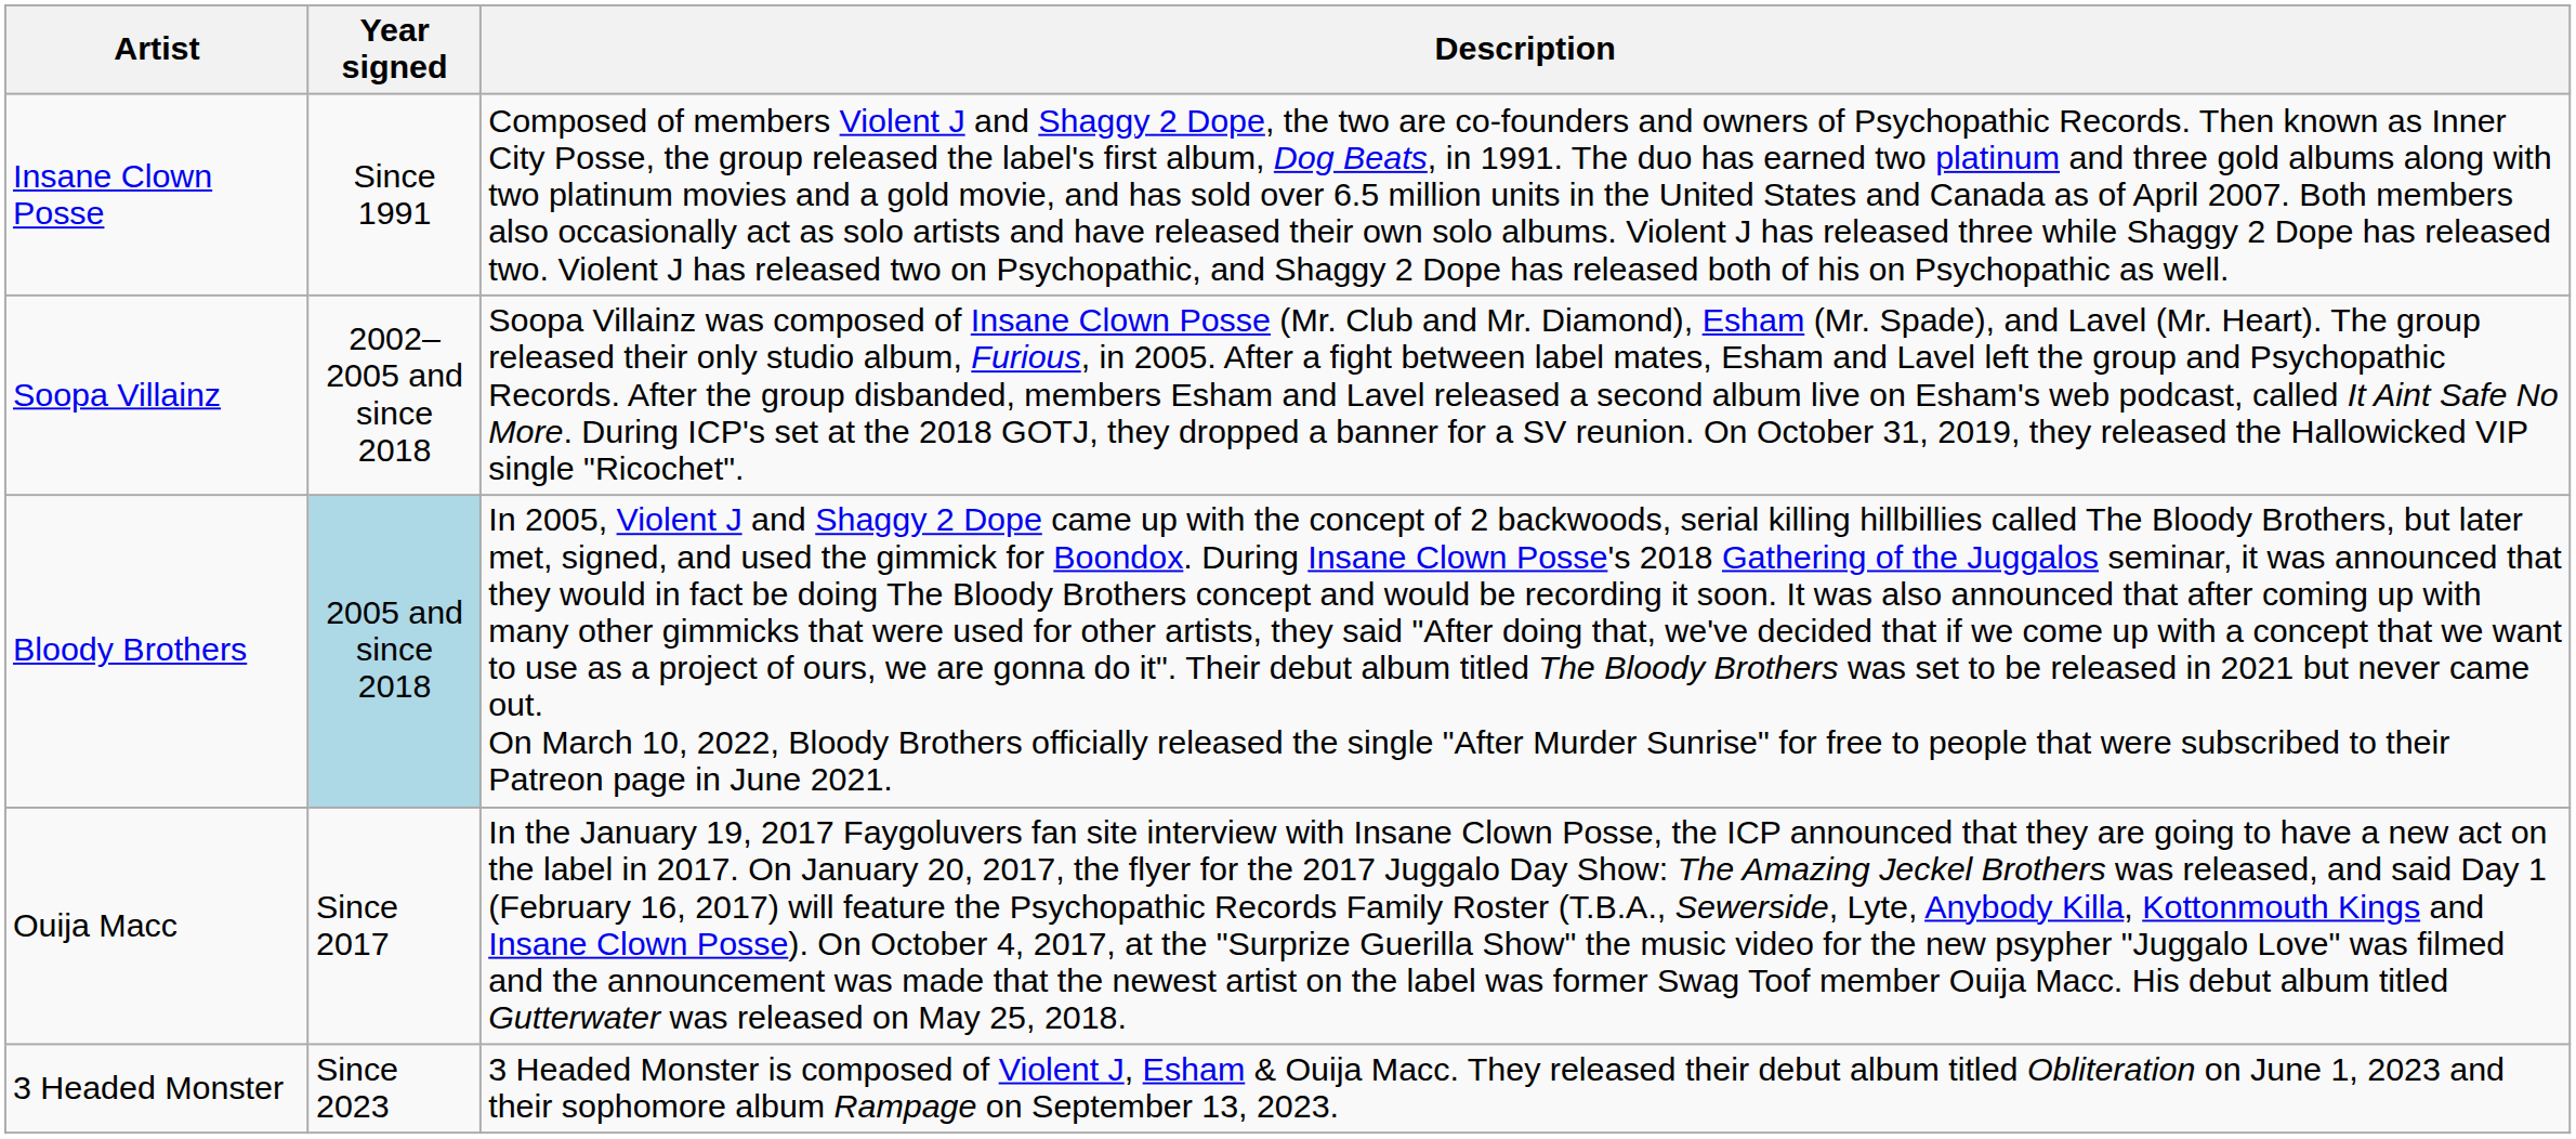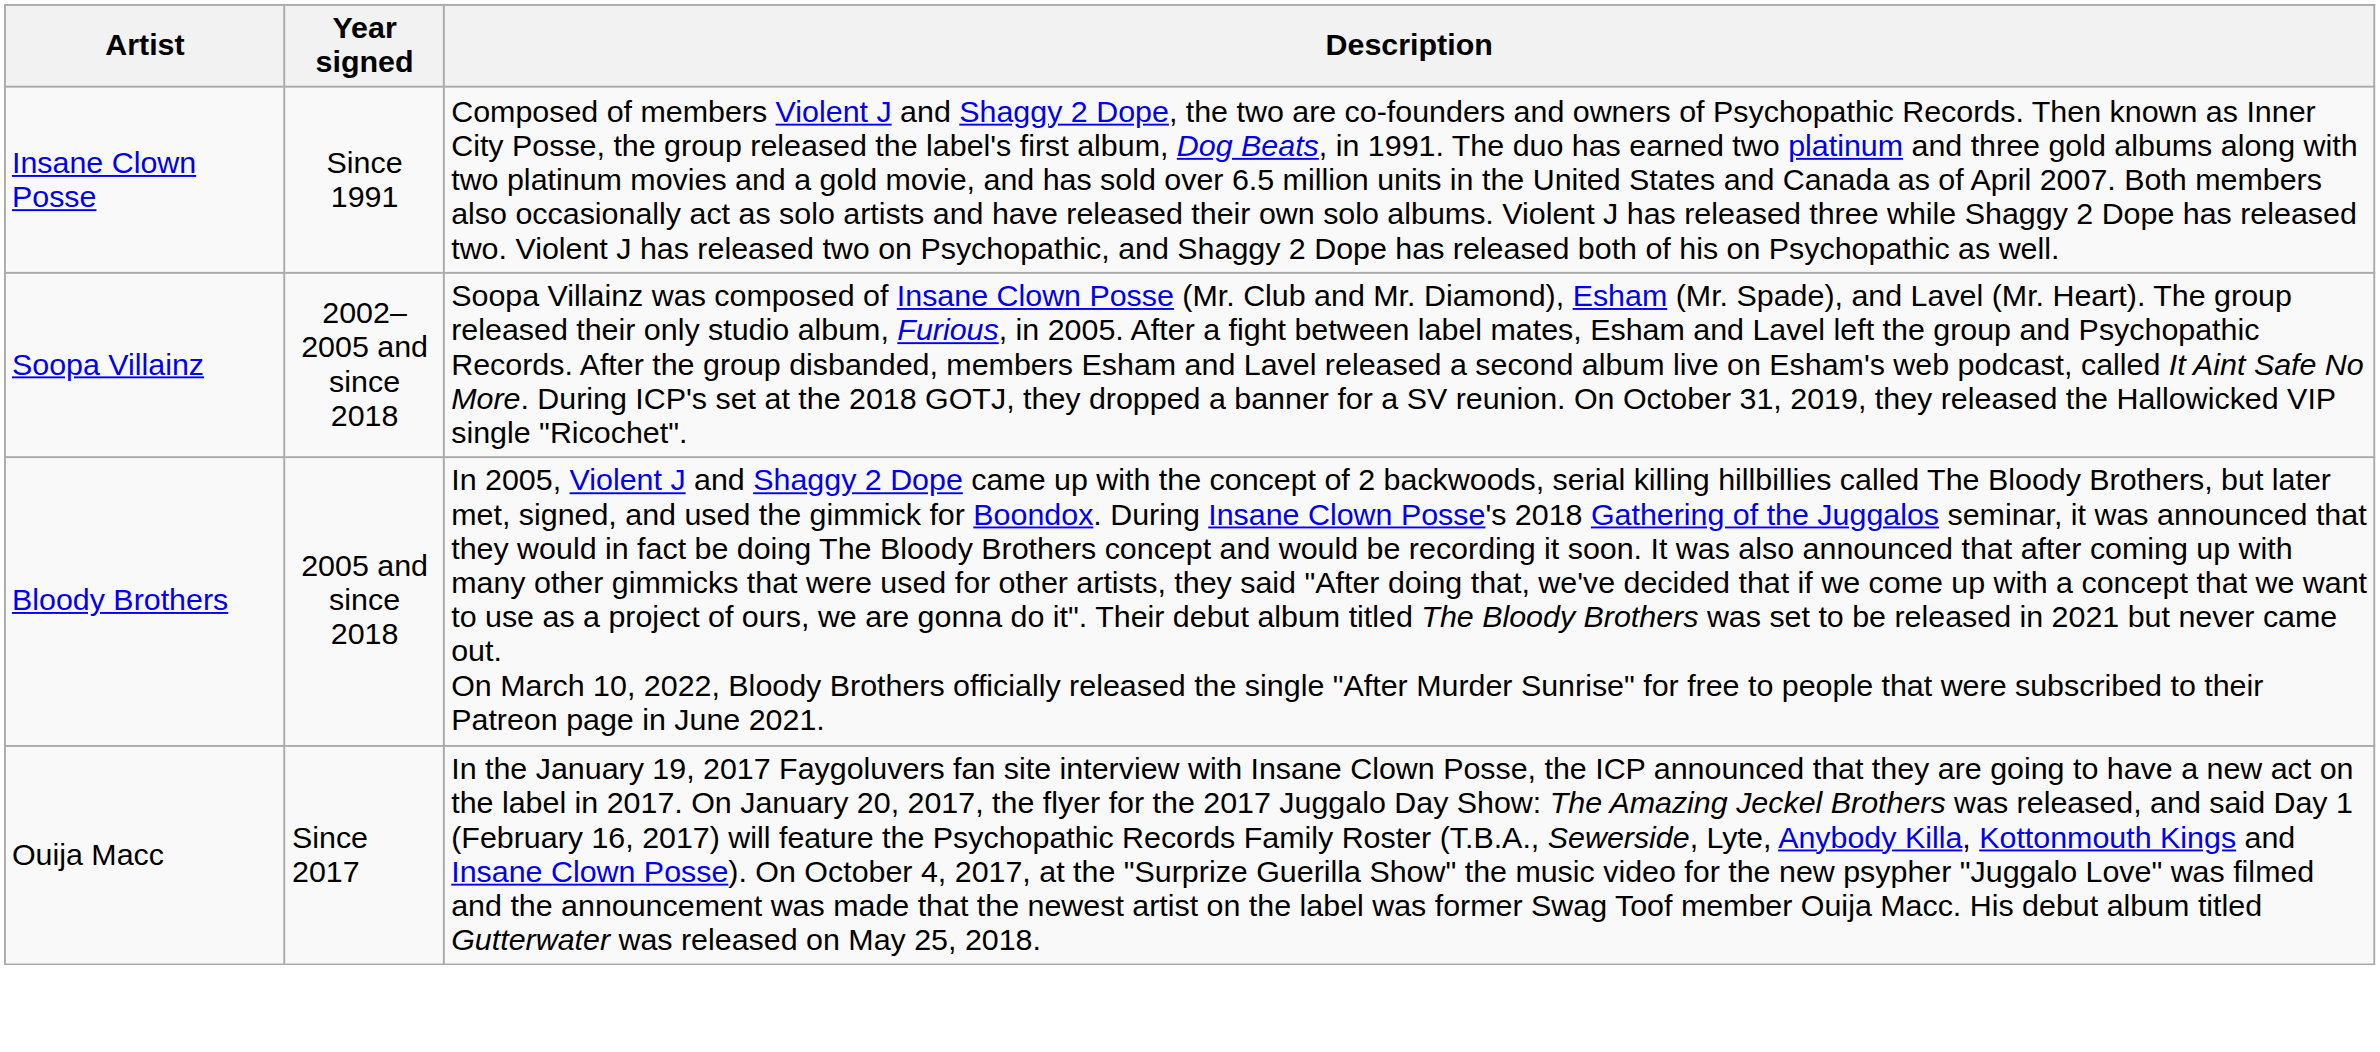 <table class="wikitable">
 <tr>
 <th style="width:140px;">Artist</th>
 <th>Year signed</th>
 <th>Description</th>
 </tr>
 <tr>
 <td><a href='#'>Insane Clown Posse</a></td>
 <td style="text-align:center;">Since 1991</td>
 <td>Composed of members <a href='#'>Violent J</a> and <a href='#'>Shaggy 2 Dope</a>, the two are co-founders and owners of Psychopathic Records. Then known as Inner City Posse, the group released the label's first album, <em><a href='#'>Dog Beats</a></em>, in 1991. The duo has earned two <a href='#'>platinum</a> and three gold albums along with two platinum movies and a gold movie, and has sold over 6.5 million units in the United States and Canada as of April 2007. Both members also occasionally act as solo artists and have released their own solo albums. Violent J has released three while Shaggy 2 Dope has released two. Violent J has released two on Psychopathic, and Shaggy 2 Dope has released both of his on Psychopathic as well.</td>
 </tr>
 <tr>
 <td><a href='#'>Soopa Villainz</a></td>
 <td style="text-align:center;">2002–2005 and since 2018</td>
 <td>Soopa Villainz was composed of <a href='#'>Insane Clown Posse</a> (Mr. Club and Mr. Diamond), <a href='#'>Esham</a> (Mr. Spade), and Lavel (Mr. Heart). The group released their only studio album, <em><a href='#'>Furious</a></em>, in 2005. After a fight between label mates, Esham and Lavel left the group and Psychopathic Records. After the group disbanded, members Esham and Lavel released a second album live on Esham's web podcast, called <em>It Aint Safe No More</em>. During ICP's set at the 2018 GOTJ, they dropped a banner for a SV reunion. On October 31, 2019, they released the Hallowicked VIP single "Ricochet".</td>
 </tr>
 <tr>
 <td><a href='#'>Bloody Brothers</a></td>
-<td style="background: lightblue; text-align:center;">2005 and since 2018</td>
+<td style="text-align:center;">2005 and since 2018</td>
 <td>In 2005, <a href='#'>Violent J</a> and <a href='#'>Shaggy 2 Dope</a> came up with the concept of 2 backwoods, serial killing hillbillies called The Bloody Brothers, but later met, signed, and used the gimmick for <a href='#'>Boondox</a>. During <a href='#'>Insane Clown Posse</a>'s 2018 <a href='#'>Gathering of the Juggalos</a> seminar, it was announced that they would in fact be doing The Bloody Brothers concept and would be recording it soon. It was also announced that after coming up with many other gimmicks that were used for other artists, they said "After doing that, we've decided that if we come up with a concept that we want to use as a project of ours, we are gonna do it". Their debut album titled <em>The Bloody Brothers</em> was set to be released in 2021 but never came out.<br>On March 10, 2022, Bloody Brothers officially released the single "After Murder Sunrise" for free to people that were subscribed to their Patreon page in June 2021.</td>
 </tr>
 <tr>
 <td>Ouija Macc</td>
 <td>Since 2017</td>
 <td>In the January 19, 2017 Faygoluvers fan site interview with Insane Clown Posse, the ICP announced that they are going to have a new act on the label in 2017. On January 20, 2017, the flyer for the 2017 Juggalo Day Show: <em>The Amazing Jeckel Brothers</em> was released, and said Day 1 (February 16, 2017) will feature the Psychopathic Records Family Roster (T.B.A., <em>Sewerside</em>, Lyte, <a href='#'>Anybody Killa</a>, <a href='#'>Kottonmouth Kings</a> and <a href='#'>Insane Clown Posse</a>). On October 4, 2017, at the "Surprize Guerilla Show" the music video for the new psypher "Juggalo Love" was filmed and the announcement was made that the newest artist on the label was former Swag Toof member Ouija Macc. His debut album titled <em>Gutterwater</em> was released on May 25, 2018.</td>
 </tr>
-<tr>
-<td>3 Headed Monster</td>
-<td>Since 2023</td>
-<td>3 Headed Monster is composed of <a href='#'>Violent J</a>, <a href='#'>Esham</a> & Ouija Macc. They released their debut album titled <em>Obliteration</em> on June 1, 2023 and their sophomore album <em>Rampage</em> on September 13, 2023.</td>
-</tr>
 </table>
